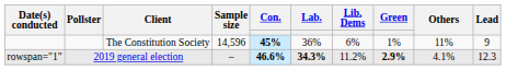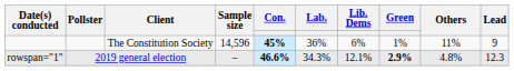 <table class="wikitable sortable mw-datatable" style="text-align:center; font-size:90%; line-height:14px;">
 <tr>
 <th rowspan="2">Date(s)<br>conducted</th>
 <th rowspan="2">Pollster</th>
 <th rowspan="2">Client</th>
 <th rowspan="2" data-sort-type="number">Sample<br>size</th>
 <th class="unsortable" style="width:50px;"><a href='#'>Con.</a></th>
 <th class="unsortable" style="width:50px;"><a href='#'>Lab.</a></th>
 <th class="unsortable" style="width:50px;"><a href='#'>Lib. Dems</a></th>
 <th class="unsortable" style="width:50px;"><a href='#'>Green</a></th>
 <th rowspan="2" class="unsortable" style="width:75px;">Others</th>
 <th rowspan="2" data-sort-type="number">Lead</th>
 </tr>
 <tr>
 <th data-sort-type="number" style="background:"></th>
 <th data-sort-type="number" style="background:"></th>
 <th data-sort-type="number" style="background:"></th>
 <th data-sort-type="number" style="background:"></th>
 </tr>
 <tr>
 <td></td>
 <td></td>
 <td>The Constitution Society</td>
 <td>14,596</td>
 <td style="background:#CCEBFF;"><strong>45%</strong></td>
 <td>36%</td>
 <td>6%</td>
 <td>1%</td>
 <td>11%</td>
 <td style="background:">9</td>
 </tr>
 <tr style="background:#e9e9e9;">
 <td>rowspan="1" </td>
 <td colspan="2" rowspan="1"><a href='#'>2019 general election</a></td>
 <td>–</td>
 <td style="background:#CCEBFF;"><strong>46.6%</strong></td>
-<td><strong>34.3%</strong></td>
-<td>11.2%</td>
+<td>34.3%</td>
+<td>12.1%</td>
 <td><strong>2.9%</strong></td>
-<td>4.1%</td>
+<td>4.8%</td>
 <td style="background:">12.3</td>
 </tr>
 </table>
